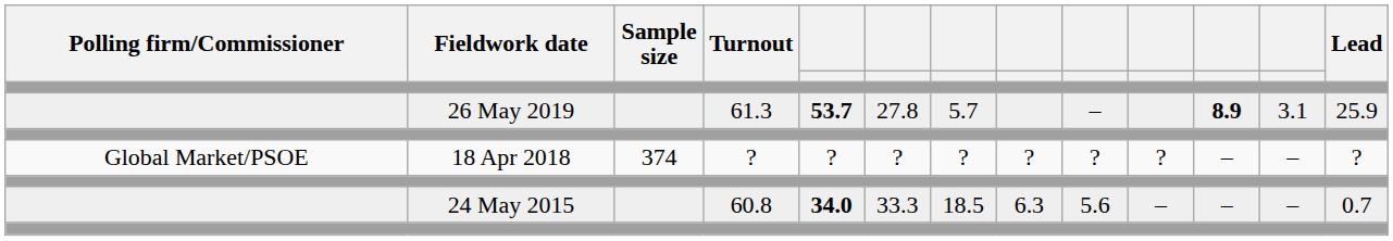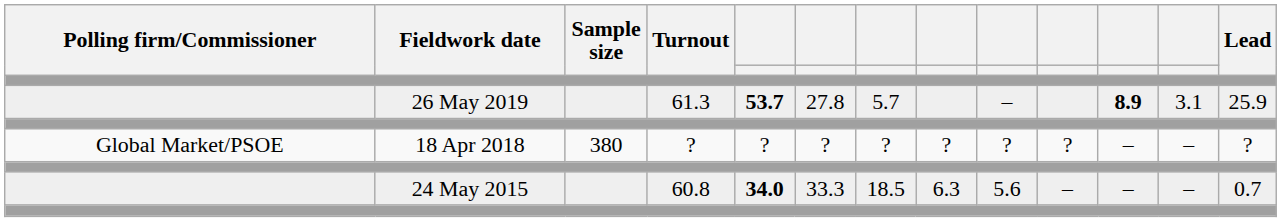 <table class="wikitable collapsible collapsed" style="text-align:center; font-size:95%; line-height:16px;">
 <tr style="height:42px;">
 <th style="width:250px;" rowspan="2">Polling firm/Commissioner</th>
 <th style="width:125px;" rowspan="2">Fieldwork date</th>
 <th style="width:50px;" rowspan="2">Sample size</th>
 <th style="width:45px;" rowspan="2">Turnout</th>
 <th style="width:35px;"></th>
 <th style="width:35px;"></th>
 <th style="width:35px;"></th>
 <th style="width:35px;"></th>
 <th style="width:35px;"></th>
 <th style="width:35px;"></th>
 <th style="width:35px;"></th>
 <th style="width:35px;"></th>
 <th style="width:30px;" rowspan="2">Lead</th>
 </tr>
 <tr>
 <th style="color:inherit;background:"></th>
 <th style="color:inherit;background:"></th>
 <th style="color:inherit;background:"></th>
 <th style="color:inherit;background:"></th>
 <th style="color:inherit;background:"></th>
 <th style="color:inherit;background:"></th>
 <th style="color:inherit;background:"></th>
 <th style="color:inherit;background:"></th>
 </tr>
 <tr>
 <td colspan="13" style="background:#A0A0A0"></td>
 </tr>
 <tr style="background:#EFEFEF;">
 <td><strong></strong></td>
 <td>26 May 2019</td>
 <td></td>
 <td>61.3</td>
 <td><strong>53.7</strong><br></td>
 <td>27.8<br></td>
 <td>5.7<br></td>
 <td></td>
 <td>–</td>
 <td></td>
 <td><strong>8.9<br></strong></td>
 <td>3.1<br></td>
 <td style="background:">25.9</td>
 </tr>
 <tr>
 <td colspan="13" style="background:#A0A0A0"></td>
 </tr>
 <tr>
 <td>Global Market/PSOE</td>
 <td>18 Apr 2018</td>
-<td>374</td>
+<td>380</td>
 <td>?</td>
 <td>?<br></td>
 <td>?<br></td>
 <td>?<br></td>
 <td>?<br></td>
 <td>?<br></td>
 <td>?<br></td>
 <td>–</td>
 <td>–</td>
 <td style="background:">?</td>
 </tr>
 <tr>
 <td colspan="13" style="background:#A0A0A0"></td>
 </tr>
 <tr style="background:#EFEFEF;">
 <td><strong></strong></td>
 <td>24 May 2015</td>
 <td></td>
 <td>60.8</td>
 <td><strong>34.0</strong><br></td>
 <td>33.3<br></td>
 <td>18.5<br></td>
 <td>6.3<br></td>
 <td>5.6<br></td>
 <td>–</td>
 <td>–</td>
 <td>–</td>
 <td style="background:">0.7</td>
 </tr>
 <tr>
 <td colspan="13" style="background:#A0A0A0"></td>
 </tr>
 </table>
